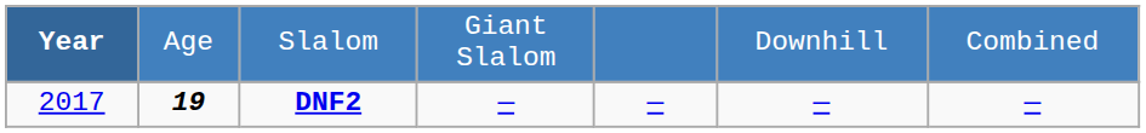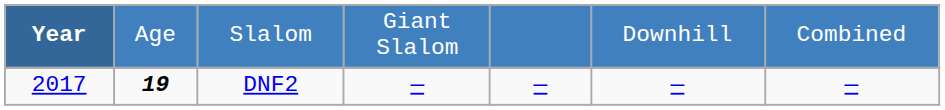 <table class="wikitable" style="font-size:95%; text-align:center; border:grey solid 1px; border-collapse:collapse;" width="40%">
 <tr style="background-color:#369; color:white;">
 <td rowspan="2" colspan="1" width="4%"><strong>Year</strong></td>
 </tr>
 <tr style="background-color:#4180be; color:white;">
 <td width="3%">Age</td>
 <td width="5%">Slalom</td>
 <td width="5%">Giant<br>Slalom</td>
 <td width="5%"></td>
 <td width="5%">Downhill</td>
 <td width="5%">Combined</td>
 </tr>
 <tr style="background-color:#8CB2D8; color:white;">
 </tr>
 <tr>
 <td><a href='#'>2017</a></td>
 <td><strong><em>19</em></strong></td>
-<td><strong><a href='#'>DNF2</a></strong></td>
+<td><a href='#'>DNF2</a></td>
 <td><a href='#'>—</a></td>
 <td><a href='#'>—</a></td>
 <td><a href='#'>—</a></td>
 <td><a href='#'>—</a></td>
 </tr>
 </table>
